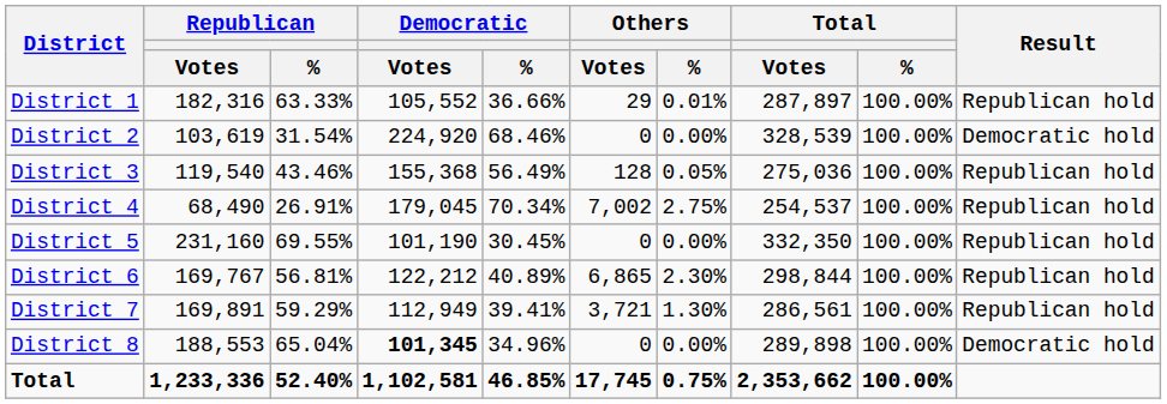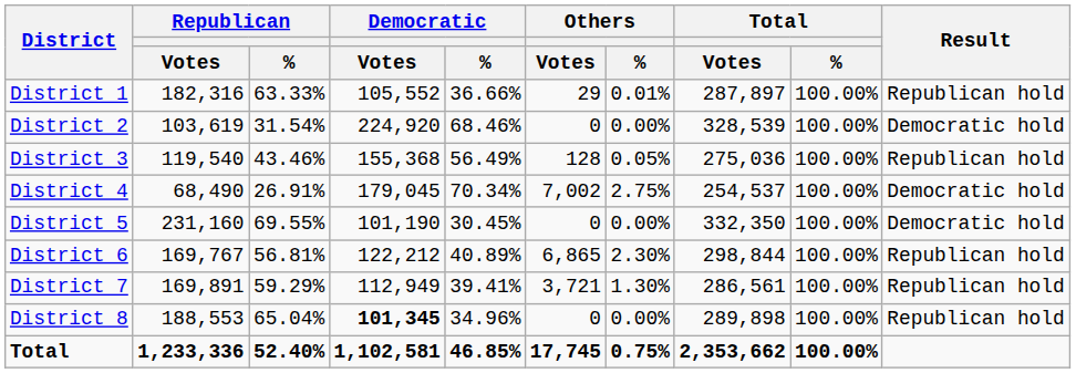 <table class="wikitable plainrowheaders sortable" style="font-size:100%; text-align:right;">
 <tr>
 <th scope=col rowspan=3><a href='#'>District</a></th>
 <th scope=col colspan=2><a href='#'>Republican</a></th>
 <th scope=col colspan=2><a href='#'>Democratic</a></th>
 <th scope=col colspan=2>Others</th>
 <th scope=col colspan=2>Total</th>
 <th scope=col rowspan=3>Result</th>
 </tr>
 <tr>
 <th scope=col colspan=2 style="background:"></th>
 <th scope=col colspan=2 style="background:"></th>
 <th scope=col colspan=2></th>
 <th scope=col colspan=2></th>
 </tr>
 <tr>
 <th scope=col data-sort-type="number">Votes</th>
 <th scope=col data-sort-type="number">%</th>
 <th scope=col data-sort-type="number">Votes</th>
 <th scope=col data-sort-type="number">%</th>
 <th scope=col data-sort-type="number">Votes</th>
 <th scope=col data-sort-type="number">%</th>
 <th scope=col data-sort-type="number">Votes</th>
 <th scope=col data-sort-type="number">%</th>
 </tr>
 <tr>
 <td align=left><a href='#'>District 1</a></td>
 <td>182,316</td>
 <td>63.33%</td>
 <td>105,552</td>
 <td>36.66%</td>
 <td>29</td>
 <td>0.01%</td>
 <td>287,897</td>
 <td>100.00%</td>
 <td align=left>Republican hold</td>
 </tr>
 <tr>
 <td align=left><a href='#'>District 2</a></td>
 <td>103,619</td>
 <td>31.54%</td>
 <td>224,920</td>
 <td>68.46%</td>
 <td>0</td>
 <td>0.00%</td>
 <td>328,539</td>
 <td>100.00%</td>
 <td align=left>Democratic hold</td>
 </tr>
 <tr>
 <td align=left><a href='#'>District 3</a></td>
 <td>119,540</td>
 <td>43.46%</td>
 <td>155,368</td>
 <td>56.49%</td>
 <td>128</td>
 <td>0.05%</td>
 <td>275,036</td>
 <td>100.00%</td>
 <td align=left>Republican hold</td>
 </tr>
 <tr>
 <td align=left><a href='#'>District 4</a></td>
 <td>68,490</td>
 <td>26.91%</td>
 <td>179,045</td>
 <td>70.34%</td>
 <td>7,002</td>
 <td>2.75%</td>
 <td>254,537</td>
 <td>100.00%</td>
-<td align=left>Republican hold</td>
+<td align=left>Democratic hold</td>
 </tr>
 <tr>
 <td align=left><a href='#'>District 5</a></td>
 <td>231,160</td>
 <td>69.55%</td>
 <td>101,190</td>
 <td>30.45%</td>
 <td>0</td>
 <td>0.00%</td>
 <td>332,350</td>
 <td>100.00%</td>
-<td align=left>Republican hold</td>
+<td align=left>Democratic hold</td>
 </tr>
 <tr>
 <td align=left><a href='#'>District 6</a></td>
 <td>169,767</td>
 <td>56.81%</td>
 <td>122,212</td>
 <td>40.89%</td>
 <td>6,865</td>
 <td>2.30%</td>
 <td>298,844</td>
 <td>100.00%</td>
 <td align=left>Republican hold</td>
 </tr>
 <tr>
 <td align=left><a href='#'>District 7</a></td>
 <td>169,891</td>
 <td>59.29%</td>
 <td>112,949</td>
 <td>39.41%</td>
 <td>3,721</td>
 <td>1.30%</td>
 <td>286,561</td>
 <td>100.00%</td>
 <td align=left>Republican hold</td>
 </tr>
 <tr>
 <td align=left><a href='#'>District 8</a></td>
 <td>188,553</td>
 <td>65.04%</td>
 <td><strong>101,345</strong></td>
 <td>34.96%</td>
 <td>0</td>
 <td>0.00%</td>
 <td>289,898</td>
 <td>100.00%</td>
-<td align=left>Democratic hold</td>
+<td align=left>Republican hold</td>
 </tr>
 <tr class="sortbottom" style="font-weight:bold">
 <td align=left>Total</td>
 <td>1,233,336</td>
 <td>52.40%</td>
 <td>1,102,581</td>
 <td>46.85%</td>
 <td>17,745</td>
 <td>0.75%</td>
 <td>2,353,662</td>
 <td>100.00%</td>
 <td></td>
 </tr>
 </table>
